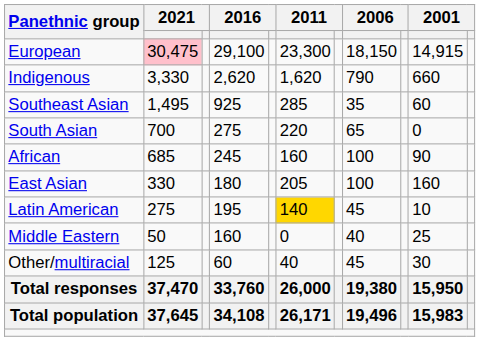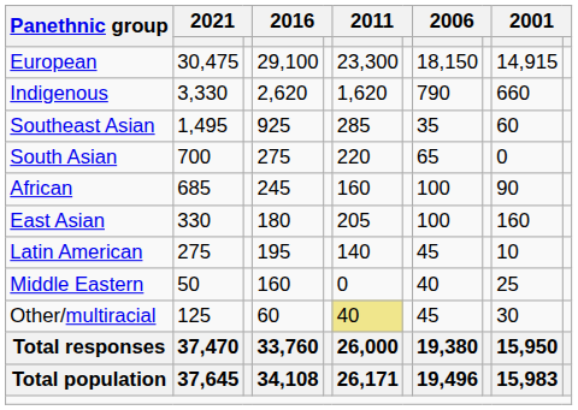 <table class="wikitable collapsible sortable">
 <tr>
 <th rowspan="2"><a href='#'>Panethnic</a> group</th>
 <th colspan="2">2021</th>
 <th colspan="2">2016</th>
 <th colspan="2">2011</th>
 <th colspan="2">2006</th>
 <th colspan="2">2001</th>
 </tr>
 <tr>
 <th><a href='#'></a></th>
 <th></th>
 <th></th>
 <th></th>
 <th></th>
 <th></th>
 <th></th>
 <th></th>
 <th></th>
 <th></th>
 </tr>
 <tr>
 <td><a href='#'>European</a></td>
-<td style="background: pink;">30,475</td>
+<td>30,475</td>
 <td></td>
 <td>29,100</td>
 <td></td>
 <td>23,300</td>
 <td></td>
 <td>18,150</td>
 <td></td>
 <td>14,915</td>
 <td></td>
 </tr>
 <tr>
 <td><a href='#'>Indigenous</a></td>
 <td>3,330</td>
 <td></td>
 <td>2,620</td>
 <td></td>
 <td>1,620</td>
 <td></td>
 <td>790</td>
 <td></td>
 <td>660</td>
 <td></td>
 </tr>
 <tr>
 <td><a href='#'>Southeast Asian</a></td>
 <td>1,495</td>
 <td></td>
 <td>925</td>
 <td></td>
 <td>285</td>
 <td></td>
 <td>35</td>
 <td></td>
 <td>60</td>
 <td></td>
 </tr>
 <tr>
 <td><a href='#'>South Asian</a></td>
 <td>700</td>
 <td></td>
 <td>275</td>
 <td></td>
 <td>220</td>
 <td></td>
 <td>65</td>
 <td></td>
 <td>0</td>
 <td></td>
 </tr>
 <tr>
 <td><a href='#'>African</a></td>
 <td>685</td>
 <td></td>
 <td>245</td>
 <td></td>
 <td>160</td>
 <td></td>
 <td>100</td>
 <td></td>
 <td>90</td>
 <td></td>
 </tr>
 <tr>
 <td><a href='#'>East Asian</a></td>
 <td>330</td>
 <td></td>
 <td>180</td>
 <td></td>
 <td>205</td>
 <td></td>
 <td>100</td>
 <td></td>
 <td>160</td>
 <td></td>
 </tr>
 <tr>
 <td><a href='#'>Latin American</a></td>
 <td>275</td>
 <td></td>
 <td>195</td>
 <td></td>
-<td style="background: gold;">140</td>
+<td>140</td>
 <td></td>
 <td>45</td>
 <td></td>
 <td>10</td>
 <td></td>
 </tr>
 <tr>
 <td><a href='#'>Middle Eastern</a></td>
 <td>50</td>
 <td></td>
 <td>160</td>
 <td></td>
 <td>0</td>
 <td></td>
 <td>40</td>
 <td></td>
 <td>25</td>
 <td></td>
 </tr>
 <tr>
 <td>Other/<a href='#'>multiracial</a></td>
 <td>125</td>
 <td></td>
 <td>60</td>
 <td></td>
-<td>40</td>
+<td style="background: khaki;">40</td>
 <td></td>
 <td>45</td>
 <td></td>
 <td>30</td>
 <td></td>
 </tr>
 <tr>
 <th>Total responses</th>
 <th>37,470</th>
 <th></th>
 <th>33,760</th>
 <th></th>
 <th>26,000</th>
 <th></th>
 <th>19,380</th>
 <th></th>
 <th>15,950</th>
 <th></th>
 </tr>
 <tr class="sortbottom">
 <th>Total population</th>
 <th>37,645</th>
 <th></th>
 <th>34,108</th>
 <th></th>
 <th>26,171</th>
 <th></th>
 <th>19,496</th>
 <th></th>
 <th>15,983</th>
 <th></th>
 </tr>
 <tr class="sortbottom">
 <td colspan="15"></td>
 </tr>
 </table>
